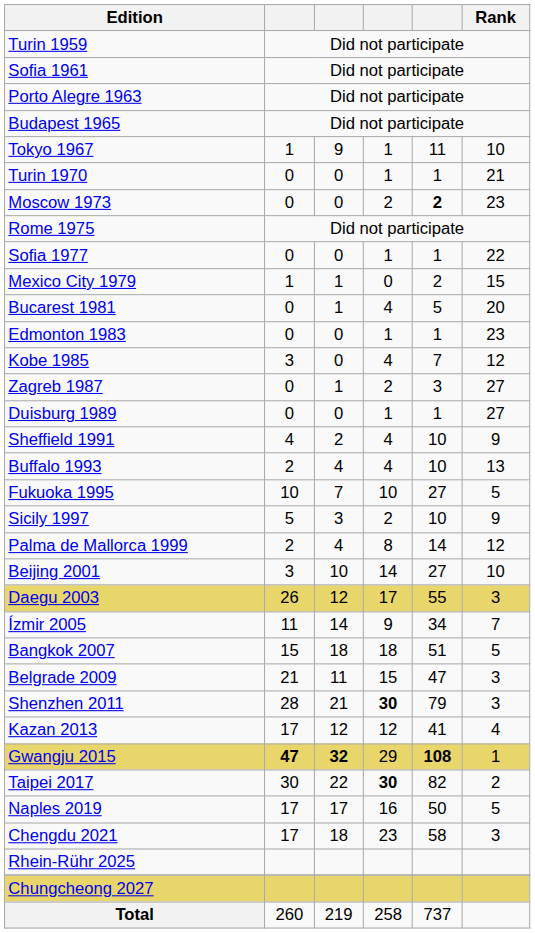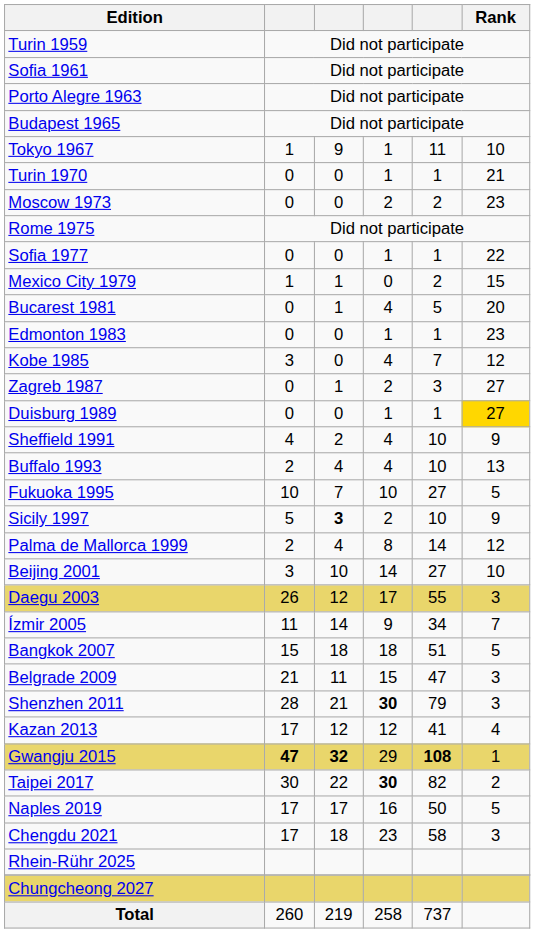 <table class="wikitable" width="40%" style="font-size:100%; text-align:center;">
 <tr>
 <th>Edition</th>
 <th></th>
 <th></th>
 <th></th>
 <th></th>
 <th>Rank</th>
 </tr>
 <tr>
 <td align="left"> <a href='#'>Turin 1959</a></td>
 <td colspan="5">Did not participate</td>
 </tr>
 <tr>
 <td align="left"> <a href='#'>Sofia 1961</a></td>
 <td colspan="5">Did not participate</td>
 </tr>
 <tr>
 <td align="left"> <a href='#'>Porto Alegre 1963</a></td>
 <td colspan="5">Did not participate</td>
 </tr>
 <tr>
 <td align="left"> <a href='#'>Budapest 1965</a></td>
 <td colspan="5">Did not participate</td>
 </tr>
 <tr>
 <td align="left"> <a href='#'>Tokyo 1967</a></td>
 <td>1</td>
 <td>9</td>
 <td>1</td>
 <td>11</td>
 <td>10</td>
 </tr>
 <tr>
 <td align="left"> <a href='#'>Turin 1970</a></td>
 <td>0</td>
 <td>0</td>
 <td>1</td>
 <td>1</td>
 <td>21</td>
 </tr>
 <tr>
 <td align="left"> <a href='#'>Moscow 1973</a></td>
 <td>0</td>
 <td>0</td>
 <td>2</td>
-<td><strong>2</strong></td>
+<td>2</td>
 <td>23</td>
 </tr>
 <tr>
 <td align="left"> <a href='#'>Rome 1975</a></td>
 <td colspan="5">Did not participate</td>
 </tr>
 <tr>
 <td align="left"> <a href='#'>Sofia 1977</a></td>
 <td>0</td>
 <td>0</td>
 <td>1</td>
 <td>1</td>
 <td>22</td>
 </tr>
 <tr>
 <td align="left"> <a href='#'>Mexico City 1979</a></td>
 <td>1</td>
 <td>1</td>
 <td>0</td>
 <td>2</td>
 <td>15</td>
 </tr>
 <tr>
 <td align="left"> <a href='#'>Bucarest 1981</a></td>
 <td>0</td>
 <td>1</td>
 <td>4</td>
 <td>5</td>
 <td>20</td>
 </tr>
 <tr>
 <td align="left"> <a href='#'>Edmonton 1983</a></td>
 <td>0</td>
 <td>0</td>
 <td>1</td>
 <td>1</td>
 <td>23</td>
 </tr>
 <tr>
 <td align="left"> <a href='#'>Kobe 1985</a></td>
 <td>3</td>
 <td>0</td>
 <td>4</td>
 <td>7</td>
 <td>12</td>
 </tr>
 <tr>
 <td align="left"> <a href='#'>Zagreb 1987</a></td>
 <td>0</td>
 <td>1</td>
 <td>2</td>
 <td>3</td>
 <td>27</td>
 </tr>
 <tr>
 <td align="left"> <a href='#'>Duisburg 1989</a></td>
 <td>0</td>
 <td>0</td>
 <td>1</td>
 <td>1</td>
-<td>27</td>
+<td style="background: gold;">27</td>
 </tr>
 <tr>
 <td align="left"> <a href='#'>Sheffield 1991</a></td>
 <td>4</td>
 <td>2</td>
 <td>4</td>
 <td>10</td>
 <td>9</td>
 </tr>
 <tr>
 <td align="left"> <a href='#'>Buffalo 1993</a></td>
 <td>2</td>
 <td>4</td>
 <td>4</td>
 <td>10</td>
 <td>13</td>
 </tr>
 <tr>
 <td align="left"> <a href='#'>Fukuoka 1995</a></td>
 <td>10</td>
 <td>7</td>
 <td>10</td>
 <td>27</td>
 <td>5</td>
 </tr>
 <tr>
 <td align="left"> <a href='#'>Sicily 1997</a></td>
 <td>5</td>
-<td>3</td>
+<td><strong>3</strong></td>
 <td>2</td>
 <td>10</td>
 <td>9</td>
 </tr>
 <tr>
 <td align="left"> <a href='#'>Palma de Mallorca 1999</a></td>
 <td>2</td>
 <td>4</td>
 <td>8</td>
 <td>14</td>
 <td>12</td>
 </tr>
 <tr>
 <td align="left"> <a href='#'>Beijing 2001</a></td>
 <td>3</td>
 <td>10</td>
 <td>14</td>
 <td>27</td>
 <td>10</td>
 </tr>
 <tr bgcolor="E9D66B">
 <td align="left"> <a href='#'>Daegu 2003</a></td>
 <td>26</td>
 <td>12</td>
 <td>17</td>
 <td>55</td>
 <td>3</td>
 </tr>
 <tr>
 <td align="left"> <a href='#'>Ízmir 2005</a></td>
 <td>11</td>
 <td>14</td>
 <td>9</td>
 <td>34</td>
 <td>7</td>
 </tr>
 <tr>
 <td align="left"> <a href='#'>Bangkok 2007</a></td>
 <td>15</td>
 <td>18</td>
 <td>18</td>
 <td>51</td>
 <td>5</td>
 </tr>
 <tr>
 <td align="left"> <a href='#'>Belgrade 2009</a></td>
 <td>21</td>
 <td>11</td>
 <td>15</td>
 <td>47</td>
 <td>3</td>
 </tr>
 <tr>
 <td align="left"> <a href='#'>Shenzhen 2011</a></td>
 <td>28</td>
 <td>21</td>
 <td><strong>30</strong></td>
 <td>79</td>
 <td>3</td>
 </tr>
 <tr>
 <td align="left"> <a href='#'>Kazan 2013</a></td>
 <td>17</td>
 <td>12</td>
 <td>12</td>
 <td>41</td>
 <td>4</td>
 </tr>
 <tr bgcolor="E9D66B">
 <td align="left"> <a href='#'>Gwangju 2015</a></td>
 <td><strong>47</strong></td>
 <td><strong>32</strong></td>
 <td>29</td>
 <td><strong>108</strong></td>
 <td>1</td>
 </tr>
 <tr>
 <td align="left"> <a href='#'>Taipei 2017</a></td>
 <td>30</td>
 <td>22</td>
 <td><strong>30</strong></td>
 <td>82</td>
 <td>2</td>
 </tr>
 <tr>
 <td align="left"> <a href='#'>Naples 2019</a></td>
 <td>17</td>
 <td>17</td>
 <td>16</td>
 <td>50</td>
 <td>5</td>
 </tr>
 <tr>
 <td align="left"> <a href='#'>Chengdu 2021</a></td>
 <td>17</td>
 <td>18</td>
 <td>23</td>
 <td>58</td>
 <td>3</td>
 </tr>
 <tr>
 <td align="left"> <a href='#'>Rhein-Rühr 2025</a></td>
 <td></td>
 <td></td>
 <td></td>
 <td></td>
 <td></td>
 </tr>
 <tr>
 </tr>
 <tr bgcolor="E9D66B">
 <td align="left"> <a href='#'>Chungcheong 2027</a></td>
 <td></td>
 <td></td>
 <td></td>
 <td></td>
 <td></td>
 </tr>
 <tr>
 <th>Total</th>
 <td>260</td>
 <td>219</td>
 <td>258</td>
 <td>737</td>
 <td></td>
 </tr>
 </table>
